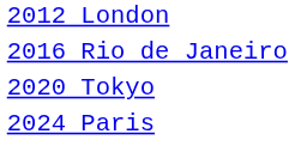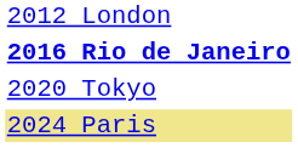 <table>
 <tr valign="top">
 <td><a href='#'>2012 London</a><br></td>
 <td></td>
 <td></td>
 <td></td>
 </tr>
 <tr valign="top">
-<td><a href='#'>2016 Rio de Janeiro</a><br></td>
+<td><strong><a href='#'>2016 Rio de Janeiro</a><br></strong></td>
 <td></td>
 <td></td>
 <td></td>
 </tr>
 <tr valign="top">
 <td><a href='#'>2020 Tokyo</a><br></td>
 <td></td>
 <td></td>
 <td></td>
 </tr>
 <tr>
-<td><a href='#'>2024 Paris</a> <br></td>
+<td style="background: khaki;"><a href='#'>2024 Paris</a> <br></td>
 <td></td>
 <td></td>
 <td></td>
 </tr>
 <tr>
 </tr>
 </table>
